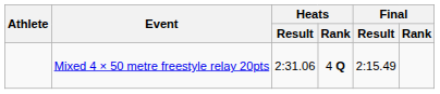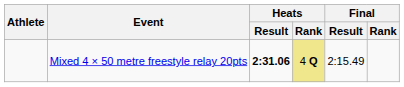 <table class=wikitable style="font-size:95%">
 <tr>
 <th rowspan="2">Athlete</th>
 <th rowspan="2">Event</th>
 <th colspan="2">Heats</th>
 <th colspan="2">Final</th>
 </tr>
 <tr>
 <th>Result</th>
 <th>Rank</th>
 <th>Result</th>
 <th>Rank</th>
 </tr>
 <tr align=center>
 <td align=left><strong><br><br><br></strong></td>
 <td align=left><a href='#'>Mixed 4 × 50 metre freestyle relay 20pts</a></td>
-<td>2:31.06</td>
-<td>4 <strong>Q</strong></td>
+<td><strong>2:31.06</strong></td>
+<td style="background: khaki;">4 <strong>Q</strong></td>
 <td>2:15.49</td>
 <td></td>
 </tr>
 </table>
